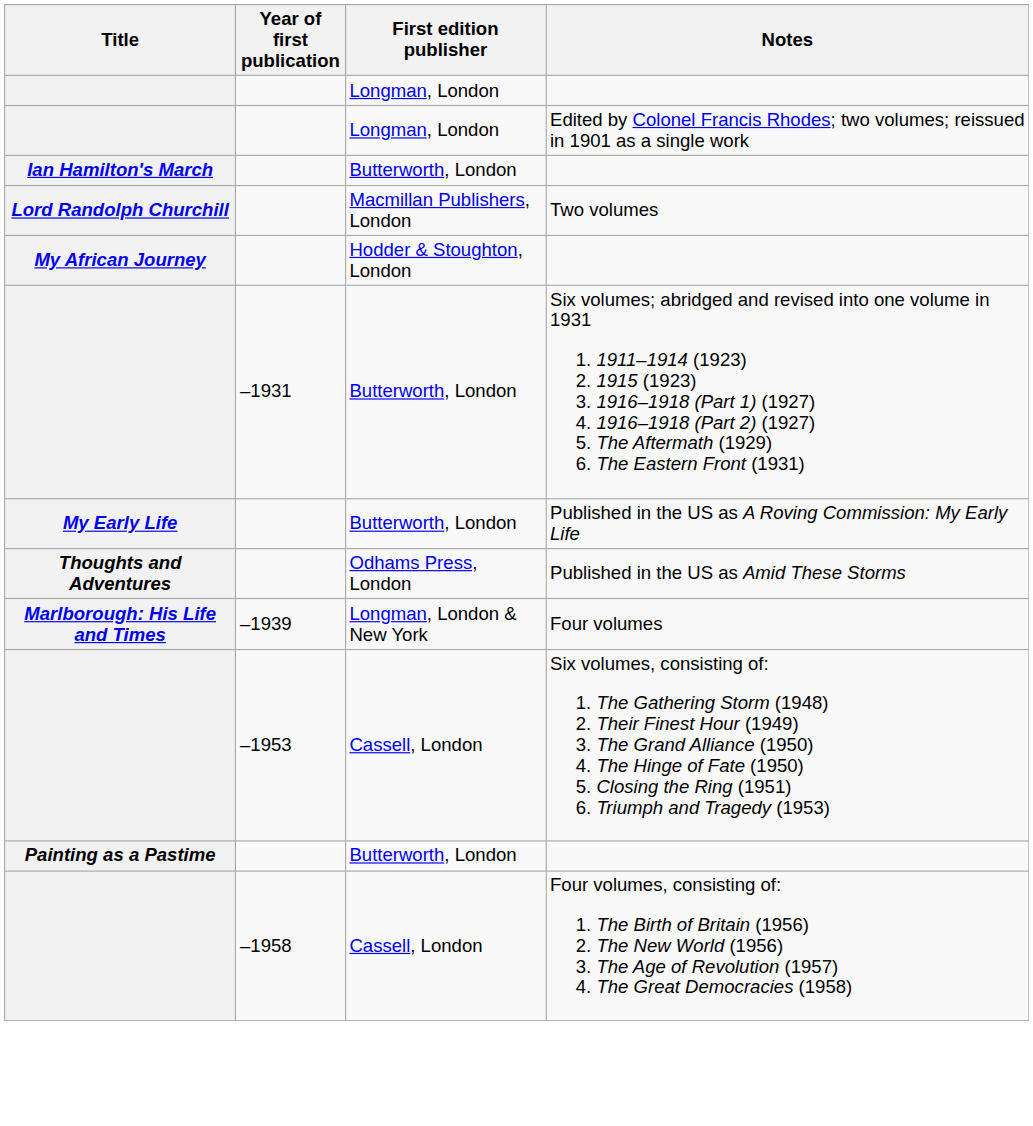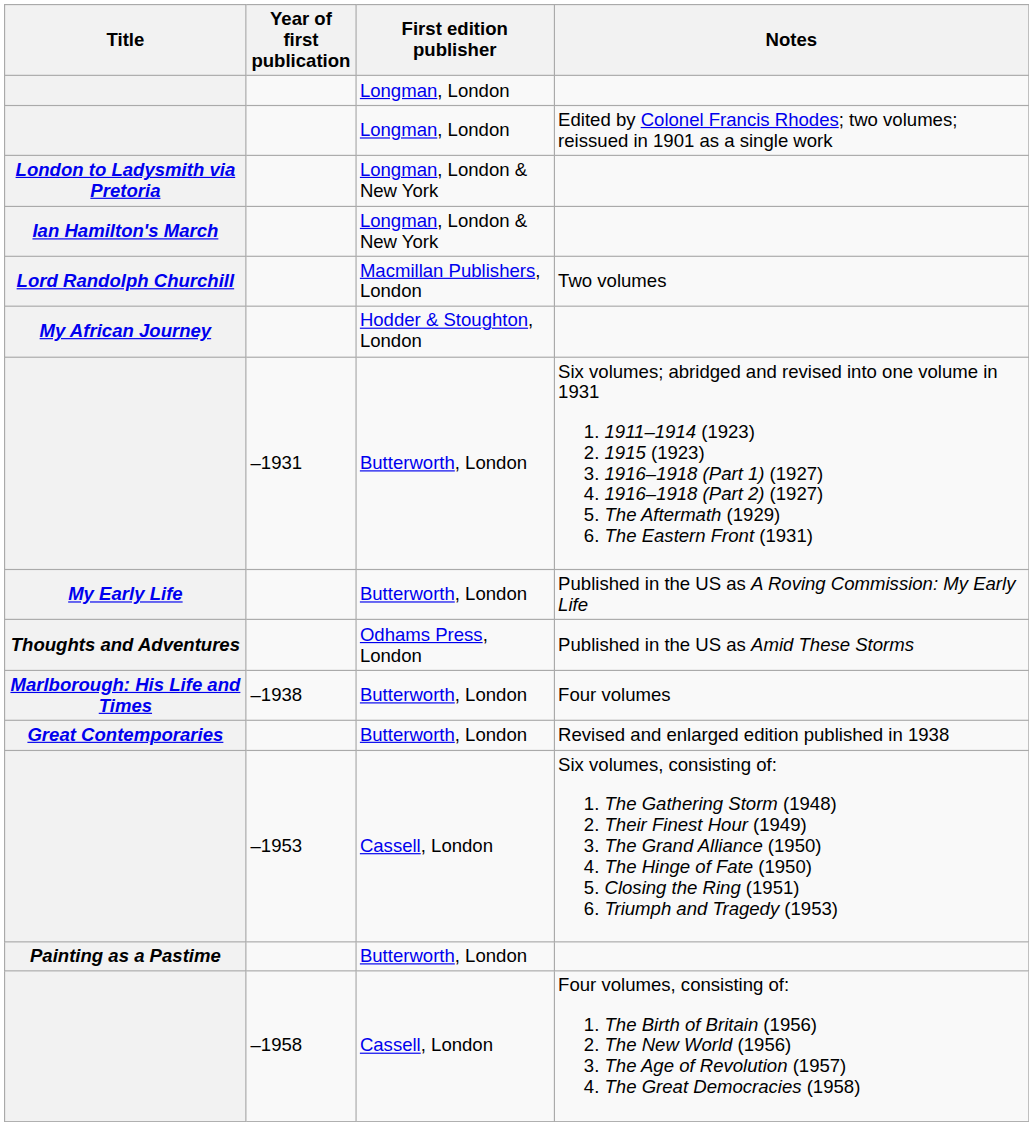 <table class="wikitable plainrowheaders sortable" style="margin-right: 0;">
 <tr>
 <th scope="col">Title</th>
 <th scope="col">Year of first<br>publication</th>
 <th scope="col">First edition publisher</th>
 <th scope="col" class="unsortable">Notes</th>
 </tr>
 <tr>
 <th scope="row"></th>
 <td></td>
 <td><a href='#'>Longman</a>, London</td>
 <td></td>
 </tr>
 <tr>
 <th scope="row"></th>
 <td></td>
 <td><a href='#'>Longman</a>, London</td>
 <td>Edited by <a href='#'>Colonel Francis Rhodes</a>; two volumes; reissued in 1901 as a single work</td>
 </tr>
 <tr>
+<th scope="row"><em><a href='#'>London to Ladysmith via Pretoria</a></em></th>
+<td></td>
+<td><a href='#'>Longman</a>, London & New York</td>
+<td></td>
+</tr>
+<tr>
 <th scope="row"><em><a href='#'>Ian Hamilton's March</a></em></th>
 <td></td>
-<td><a href='#'>Butterworth</a>, London</td>
+<td><a href='#'>Longman</a>, London & New York</td>
 <td></td>
 </tr>
 <tr>
 <th scope="row"><em><a href='#'>Lord Randolph Churchill</a></em></th>
 <td></td>
 <td><a href='#'>Macmillan Publishers</a>, London</td>
 <td>Two volumes</td>
 </tr>
 <tr>
 <th scope="row"><em><a href='#'>My African Journey</a></em></th>
 <td></td>
 <td><a href='#'>Hodder & Stoughton</a>, London</td>
 <td></td>
 </tr>
 <tr>
 <th scope="row"></th>
 <td>–1931</td>
 <td><a href='#'>Butterworth</a>, London</td>
 <td>Six volumes; abridged and revised into one volume in 1931<br><ol><li><em>1911–1914</em> (1923)</li><li><em>1915</em> (1923)</li><li><em>1916–1918 (Part 1)</em> (1927)</li><li><em>1916–1918 (Part 2)</em> (1927)</li><li><em>The Aftermath</em> (1929)</li><li><em>The Eastern Front</em> (1931)</li></ol></td>
 </tr>
 <tr>
 <th scope="row"><em><a href='#'>My Early Life</a></em></th>
 <td></td>
 <td><a href='#'>Butterworth</a>, London</td>
 <td>Published in the US as <em>A Roving Commission: My Early Life</em></td>
 </tr>
 <tr>
 <th scope="row"><em>Thoughts and Adventures</em></th>
 <td></td>
 <td><a href='#'>Odhams Press</a>, London</td>
 <td>Published in the US as <em>Amid These Storms</em></td>
 </tr>
 <tr>
 <th scope="row"><em><a href='#'>Marlborough: His Life and Times</a></em></th>
-<td>–1939</td>
-<td><a href='#'>Longman</a>, London & New York</td>
+<td>–1938</td>
+<td><a href='#'>Butterworth</a>, London</td>
 <td>Four volumes</td>
+</tr>
+<tr>
+<th scope="row"><em><a href='#'>Great Contemporaries</a></em></th>
+<td></td>
+<td><a href='#'>Butterworth</a>, London</td>
+<td>Revised and enlarged edition published in 1938</td>
 </tr>
 <tr>
 <th scope="row"></th>
 <td>–1953</td>
 <td><a href='#'>Cassell</a>, London</td>
 <td>Six volumes, consisting of:<br><ol><li><em>The Gathering Storm</em> (1948)</li><li><em>Their Finest Hour</em> (1949)</li><li><em>The Grand Alliance</em> (1950)</li><li><em>The Hinge of Fate</em> (1950)</li><li><em>Closing the Ring</em> (1951)</li><li><em>Triumph and Tragedy</em> (1953)</li></ol></td>
 </tr>
 <tr>
 <th scope="row"><em>Painting as a Pastime</em></th>
 <td></td>
 <td><a href='#'>Butterworth</a>, London</td>
 <td></td>
 </tr>
 <tr>
 <th scope="row"></th>
 <td>–1958</td>
 <td><a href='#'>Cassell</a>, London</td>
 <td>Four volumes, consisting of:<br><ol><li><em>The Birth of Britain</em> (1956)</li><li><em>The New World</em> (1956)</li><li><em>The Age of Revolution</em> (1957)</li><li><em>The Great Democracies</em> (1958)</li></ol></td>
 </tr>
 </table>
